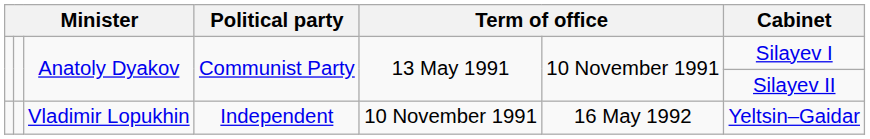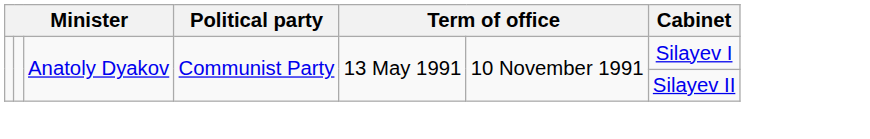 <table class="wikitable" style="text-align:center;">
 <tr>
 <th colspan=3>Minister</th>
 <th>Political party</th>
 <th colspan=2>Term of office</th>
 <th>Cabinet</th>
 </tr>
 <tr>
 <td rowspan=2 style="background: "></td>
 <td rowspan=2></td>
 <td rowspan=2><a href='#'>Anatoly Dyakov</a></td>
 <td rowspan=2><a href='#'>Communist Party</a></td>
 <td rowspan=2>13 May 1991</td>
 <td rowspan=2>10 November 1991</td>
 <td><a href='#'>Silayev I</a></td>
 </tr>
 <tr>
 <td><a href='#'>Silayev II</a></td>
 </tr>
-<tr>
-<td style="background: "></td>
-<td></td>
-<td><a href='#'>Vladimir Lopukhin</a></td>
-<td><a href='#'>Independent</a></td>
-<td>10 November 1991</td>
-<td>16 May 1992</td>
-<td><a href='#'>Yeltsin–Gaidar</a></td>
-</tr>
 </table>
